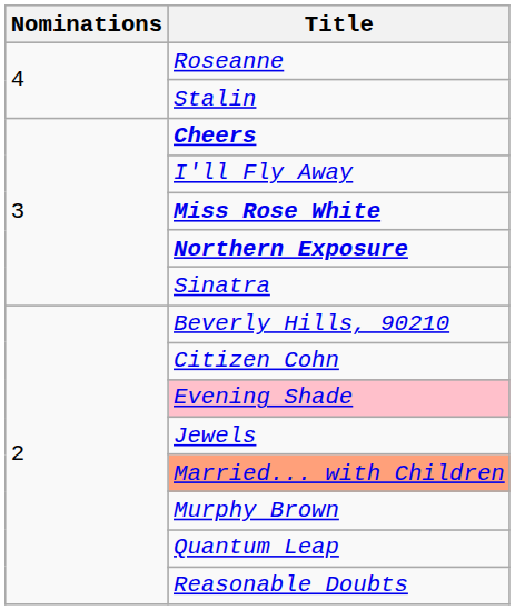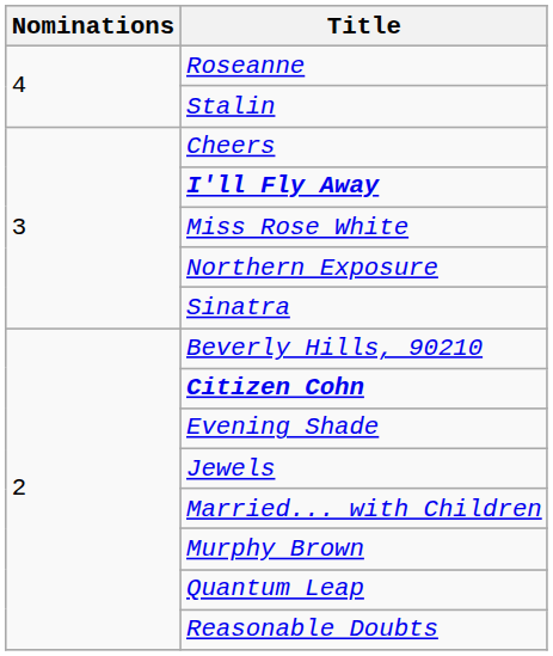 <table class="wikitable">
 <tr>
 <th>Nominations</th>
 <th>Title</th>
 </tr>
 <tr>
 <td rowspan="2">4</td>
 <td><em><a href='#'>Roseanne</a></em></td>
 </tr>
 <tr>
 <td><em><a href='#'>Stalin</a></em></td>
 </tr>
 <tr>
 <td rowspan="5">3</td>
-<td><strong><em><a href='#'>Cheers</a></em></strong></td>
+<td><em><a href='#'>Cheers</a></em></td>
 </tr>
 <tr>
-<td><em><a href='#'>I'll Fly Away</a></em></td>
+<td><strong><em><a href='#'>I'll Fly Away</a></em></strong></td>
 </tr>
 <tr>
-<td><strong><em><a href='#'>Miss Rose White</a></em></strong></td>
+<td><em><a href='#'>Miss Rose White</a></em></td>
 </tr>
 <tr>
-<td><strong><em><a href='#'>Northern Exposure</a></em></strong></td>
+<td><em><a href='#'>Northern Exposure</a></em></td>
 </tr>
 <tr>
 <td><em><a href='#'>Sinatra</a></em></td>
 </tr>
 <tr>
 <td rowspan="8">2</td>
 <td><em><a href='#'>Beverly Hills, 90210</a></em></td>
 </tr>
 <tr>
-<td><em><a href='#'>Citizen Cohn</a></em></td>
+<td><strong><em><a href='#'>Citizen Cohn</a></em></strong></td>
 </tr>
 <tr>
-<td style="background: pink;"><em><a href='#'>Evening Shade</a></em></td>
+<td><em><a href='#'>Evening Shade</a></em></td>
 </tr>
 <tr>
 <td><em><a href='#'>Jewels</a></em></td>
 </tr>
 <tr>
-<td style="background: lightsalmon;"><em><a href='#'>Married... with Children</a></em></td>
+<td><em><a href='#'>Married... with Children</a></em></td>
 </tr>
 <tr>
 <td><em><a href='#'>Murphy Brown</a></em></td>
 </tr>
 <tr>
 <td><em><a href='#'>Quantum Leap</a></em></td>
 </tr>
 <tr>
 <td><em><a href='#'>Reasonable Doubts</a></em></td>
 </tr>
 </table>
